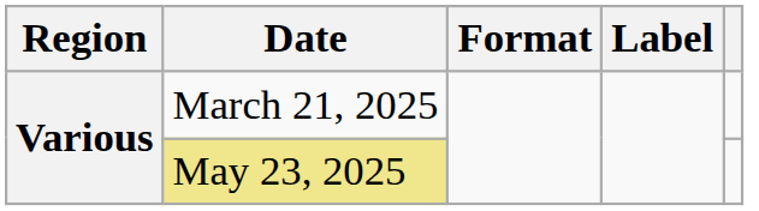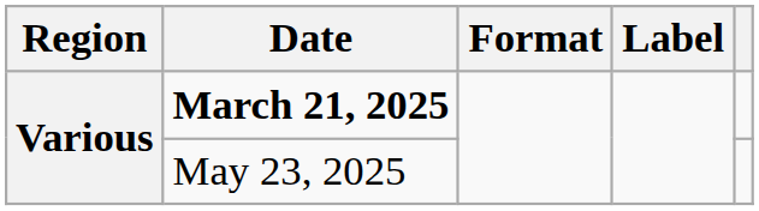 <table class="wikitable plainrowheaders">
 <tr>
 <th scope="col">Region</th>
 <th scope="col">Date</th>
 <th scope="col">Format</th>
 <th scope="col">Label</th>
 <th scope="col"></th>
 </tr>
 <tr>
 <th scope="row" rowspan="2">Various</th>
-<td>March 21, 2025</td>
+<td><strong>March 21, 2025</strong></td>
 <td rowspan="2"></td>
 <td rowspan="2"></td>
 <td style="text-align:center"></td>
 </tr>
 <tr>
-<td style="background: khaki;">May 23, 2025</td>
+<td>May 23, 2025</td>
 <td style="text-align:center"></td>
 </tr>
 </table>
